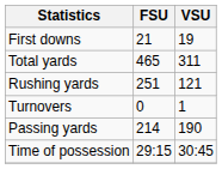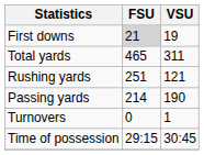 <table class="wikitable">
 <tr>
 <th>Statistics</th>
 <th>FSU</th>
 <th>VSU</th>
 </tr>
 <tr>
 <td>First downs</td>
-<td>21</td>
+<td style="background: lightgrey;">21</td>
 <td>19</td>
 </tr>
 <tr>
 <td>Total yards</td>
 <td>465</td>
 <td>311</td>
 </tr>
 <tr>
 <td>Rushing yards</td>
 <td>251</td>
 <td>121</td>
 </tr>
 <tr>
+<td>Passing yards</td>
+<td>214</td>
+<td>190</td>
+</tr>
+<tr>
 <td>Turnovers</td>
 <td>0</td>
 <td>1</td>
-</tr>
-<tr>
-<td>Passing yards</td>
-<td>214</td>
-<td>190</td>
 </tr>
 <tr>
 <td>Time of possession</td>
 <td>29:15</td>
 <td>30:45</td>
 </tr>
 <tr>
 </tr>
 </table>
